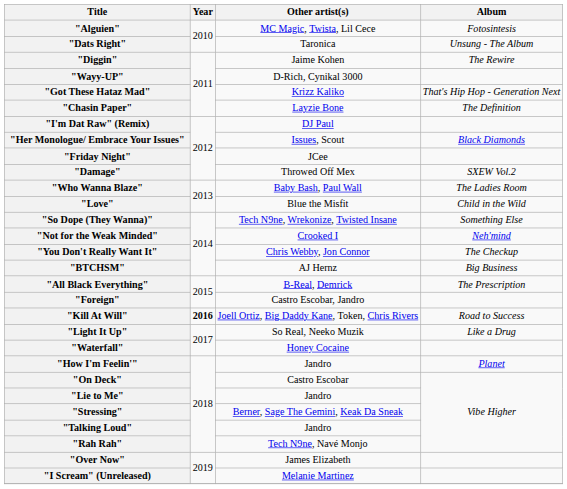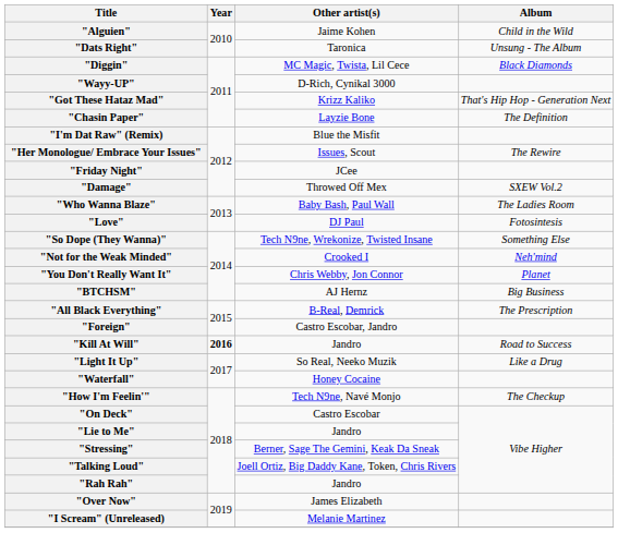 <table class="wikitable plainrowheaders" style="text-align:center;">
 <tr>
 <th scope="col" style="width:18em;">Title</th>
 <th scope="col">Year</th>
 <th scope="col">Other artist(s)</th>
 <th scope="col">Album</th>
 </tr>
 <tr>
 <th scope="row">"Alguien" </th>
 <td rowspan="2">2010</td>
-<td><a href='#'>MC Magic</a>, <a href='#'>Twista</a>, Lil Cece</td>
-<td><em>Fotosintesis</em></td>
+<td>Jaime Kohen</td>
+<td><em>Child in the Wild</em></td>
 </tr>
 <tr>
 <th scope="row">"Dats Right"</th>
 <td>Taronica</td>
 <td><em>Unsung - The Album</em></td>
 </tr>
 <tr>
 <th scope="row">"Diggin"</th>
 <td rowspan="4">2011</td>
-<td>Jaime Kohen</td>
-<td><em>The Rewire</em></td>
+<td><a href='#'>MC Magic</a>, <a href='#'>Twista</a>, Lil Cece</td>
+<td><em><a href='#'>Black Diamonds</a></em></td>
 </tr>
 <tr>
 <th scope="row">"Wayy-UP"</th>
 <td>D-Rich, Cynikal 3000</td>
 <td></td>
 </tr>
 <tr>
 <th scope="row">"Got These Hataz Mad"</th>
 <td><a href='#'>Krizz Kaliko</a></td>
 <td><em>That's Hip Hop - Generation Next</em></td>
 </tr>
 <tr>
 <th scope="row">"Chasin Paper"</th>
 <td><a href='#'>Layzie Bone</a></td>
 <td><em>The Definition</em></td>
 </tr>
 <tr>
 <th scope="row">"I'm Dat Raw" (Remix)</th>
 <td rowspan="4">2012</td>
-<td><a href='#'>DJ Paul</a></td>
+<td>Blue the Misfit</td>
 <td></td>
 </tr>
 <tr>
 <th scope="row">"Her Monologue/ Embrace Your Issues"</th>
 <td><a href='#'>Issues</a>, Scout</td>
-<td><em><a href='#'>Black Diamonds</a></em></td>
+<td><em>The Rewire</em></td>
 </tr>
 <tr>
 <th scope="row">"Friday Night"</th>
 <td>JCee</td>
 <td></td>
 </tr>
 <tr>
 <th scope="row">"Damage"</th>
 <td>Throwed Off Mex</td>
 <td><em>SXEW Vol.2</em></td>
 </tr>
 <tr>
 <th scope="row">"Who Wanna Blaze"</th>
 <td rowspan="2">2013</td>
 <td><a href='#'>Baby Bash</a>, <a href='#'>Paul Wall</a></td>
 <td><em>The Ladies Room</em></td>
 </tr>
 <tr>
 <th scope="row">"Love"</th>
-<td>Blue the Misfit</td>
-<td><em>Child in the Wild</em></td>
+<td><a href='#'>DJ Paul</a></td>
+<td><em>Fotosintesis</em></td>
 </tr>
 <tr>
 <th scope="row">"So Dope (They Wanna)"</th>
 <td rowspan="4">2014</td>
 <td><a href='#'>Tech N9ne</a>, <a href='#'>Wrekonize</a>, <a href='#'>Twisted Insane</a></td>
 <td><em>Something Else</em></td>
 </tr>
 <tr>
 <th scope="row">"Not for the Weak Minded"</th>
 <td><a href='#'>Crooked I</a></td>
 <td><em><a href='#'>Neh'mind</a></em></td>
 </tr>
 <tr>
 <th scope="row">"You Don't Really Want It"</th>
 <td><a href='#'>Chris Webby</a>, <a href='#'>Jon Connor</a></td>
-<td><em>The Checkup</em></td>
+<td><em><a href='#'>Planet</a></em></td>
 </tr>
 <tr>
 <th scope="row">"BTCHSM"</th>
 <td>AJ Hernz</td>
 <td><em>Big Business</em></td>
 </tr>
 <tr>
 <th scope="row">"All Black Everything"</th>
 <td rowspan="2">2015</td>
 <td><a href='#'>B-Real</a>, <a href='#'>Demrick</a></td>
 <td><em>The Prescription</em></td>
 </tr>
 <tr>
 <th scope="row">"Foreign"</th>
 <td>Castro Escobar, Jandro</td>
 <td></td>
 </tr>
 <tr>
 <th scope="row">"Kill At Will"</th>
 <td><strong>2016</strong></td>
-<td><a href='#'>Joell Ortiz</a>, <a href='#'>Big Daddy Kane</a>, Token, <a href='#'>Chris Rivers</a></td>
+<td>Jandro</td>
 <td><em>Road to Success</em></td>
 </tr>
 <tr>
 <th scope="row">"Light It Up"</th>
 <td rowspan="2">2017</td>
 <td>So Real, Neeko Muzik</td>
 <td><em>Like a Drug</em></td>
 </tr>
 <tr>
 <th scope="row">"Waterfall"</th>
 <td><a href='#'>Honey Cocaine</a></td>
 <td></td>
 </tr>
 <tr>
 <th scope="row">"How I'm Feelin'"</th>
 <td rowspan="6">2018</td>
-<td>Jandro</td>
-<td><em><a href='#'>Planet</a></em></td>
+<td><a href='#'>Tech N9ne</a>, Navé Monjo</td>
+<td><em>The Checkup</em></td>
 </tr>
 <tr>
 <th scope="row">"On Deck"</th>
 <td>Castro Escobar</td>
 <td rowspan="5"><em>Vibe Higher</em></td>
 </tr>
 <tr>
 <th scope="row">"Lie to Me"</th>
 <td>Jandro</td>
 </tr>
 <tr>
 <th scope="row">"Stressing"</th>
 <td><a href='#'>Berner</a>, <a href='#'>Sage The Gemini</a>, <a href='#'>Keak Da Sneak</a></td>
 </tr>
 <tr>
 <th scope="row">"Talking Loud"</th>
-<td>Jandro</td>
+<td><a href='#'>Joell Ortiz</a>, <a href='#'>Big Daddy Kane</a>, Token, <a href='#'>Chris Rivers</a></td>
 </tr>
 <tr>
 <th scope="row">"Rah Rah"</th>
-<td><a href='#'>Tech N9ne</a>, Navé Monjo</td>
+<td>Jandro</td>
 </tr>
 <tr>
 <th scope="row">"Over Now"</th>
 <td rowspan="2">2019</td>
 <td>James Elizabeth</td>
 <td></td>
 </tr>
 <tr>
 <th scope="row">"I Scream" (Unreleased)</th>
 <td><a href='#'>Melanie Martinez</a></td>
 <td></td>
 </tr>
 <tr>
 </tr>
 </table>
